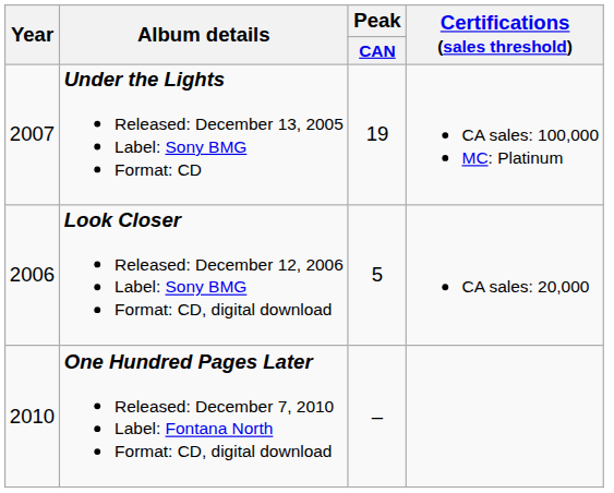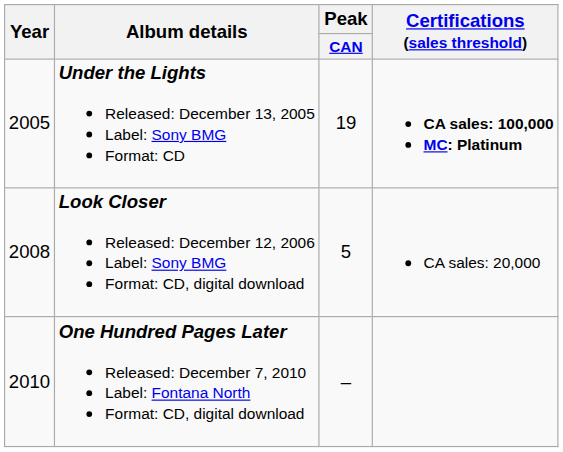 <table class="wikitable" style="text-align:center;">
 <tr>
 <th rowspan="2">Year</th>
 <th rowspan="2">Album details</th>
 <th>Peak</th>
 <th rowspan="2"><a href='#'>Certifications</a><br><small>(<a href='#'>sales threshold</a>)</small></th>
 </tr>
 <tr style="font-size:smaller;">
 <th style="width:40px;"><a href='#'>CAN</a></th>
 </tr>
 <tr>
-<td>2007</td>
+<td>2005</td>
 <td style="text-align:left;"><strong><em>Under the Lights</em></strong><br><ul><li><small>Released: December 13, 2005</small></li><li><small>Label: <a href='#'>Sony BMG</a></small></li><li><small>Format: CD</small></li></ul></td>
 <td>19</td>
-<td style="text-align:left;"><br><ul><li><small>CA sales: 100,000</small></li><li><small><a href='#'>MC</a>: Platinum</small></li></ul></td>
+<td style="text-align:left;"><strong><br><ul><li><small>CA sales: 100,000</small></li><li><small><a href='#'>MC</a>: Platinum</small></li></ul></strong></td>
 </tr>
 <tr>
-<td>2006</td>
+<td>2008</td>
 <td style="text-align:left;"><strong><em>Look Closer</em></strong><br><ul><li><small>Released: December 12, 2006</small></li><li><small>Label: <a href='#'>Sony BMG</a></small></li><li><small>Format: CD, digital download</small></li></ul></td>
 <td>5</td>
 <td style="text-align:left;"><br><ul><li><small>CA sales: 20,000</small></li></ul></td>
 </tr>
 <tr>
 <td>2010</td>
 <td style="text-align:left;"><strong><em>One Hundred Pages Later</em></strong><br><ul><li><small>Released: December 7, 2010</small></li><li><small>Label: <a href='#'>Fontana North</a></small></li><li><small>Format: CD, digital download</small></li></ul></td>
 <td>–</td>
 <td style="text-align:left;"></td>
 </tr>
 </table>
